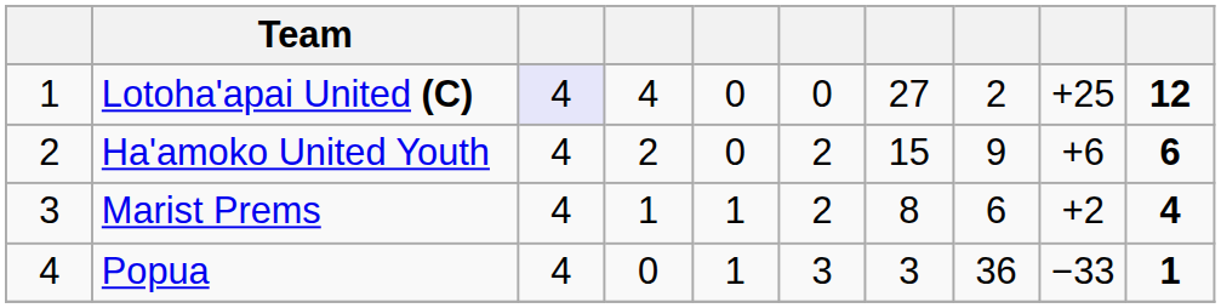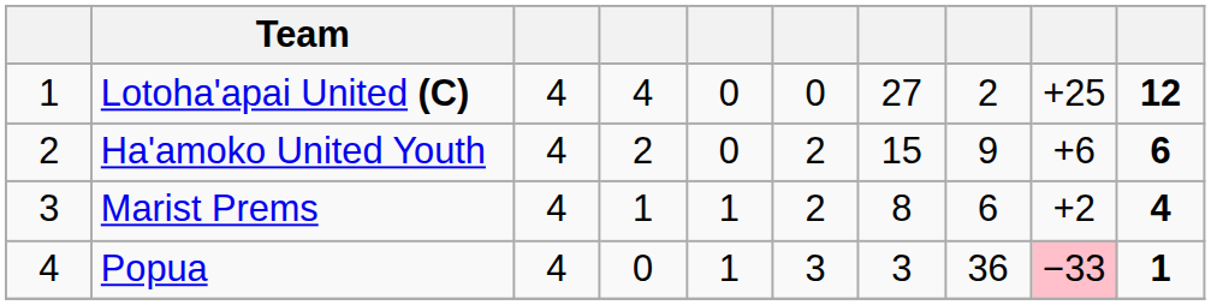 <table class="wikitable" style="text-align: center;">
 <tr>
 <th width=30></th>
 <th width=175>Team</th>
 <th width=30></th>
 <th width=30></th>
 <th width=30></th>
 <th width=30></th>
 <th width=30></th>
 <th width=30></th>
 <th width=30></th>
 <th width=30></th>
 </tr>
 <tr bc=#D0F0C0>
 <td>1</td>
 <td align=left><a href='#'>Lotoha'apai United</a> <strong>(C)</strong></td>
-<td style="background: lavender;">4</td>
+<td>4</td>
 <td>4</td>
 <td>0</td>
 <td>0</td>
 <td>27</td>
 <td>2</td>
 <td>+25</td>
 <td><strong>12</strong></td>
 </tr>
 <tr>
 <td>2</td>
 <td align=left><a href='#'>Ha'amoko United Youth</a></td>
 <td>4</td>
 <td>2</td>
 <td>0</td>
 <td>2</td>
 <td>15</td>
 <td>9</td>
 <td>+6</td>
 <td><strong>6</strong></td>
 </tr>
 <tr>
 <td>3</td>
 <td align=left><a href='#'>Marist Prems</a></td>
 <td>4</td>
 <td>1</td>
 <td>1</td>
 <td>2</td>
 <td>8</td>
 <td>6</td>
 <td>+2</td>
 <td><strong>4</strong></td>
 </tr>
 <tr>
 <td>4</td>
 <td align=left><a href='#'>Popua</a></td>
 <td>4</td>
 <td>0</td>
 <td>1</td>
 <td>3</td>
 <td>3</td>
 <td>36</td>
-<td>−33</td>
+<td style="background: pink;">−33</td>
 <td><strong>1</strong></td>
 </tr>
 <tr>
 </tr>
 </table>
